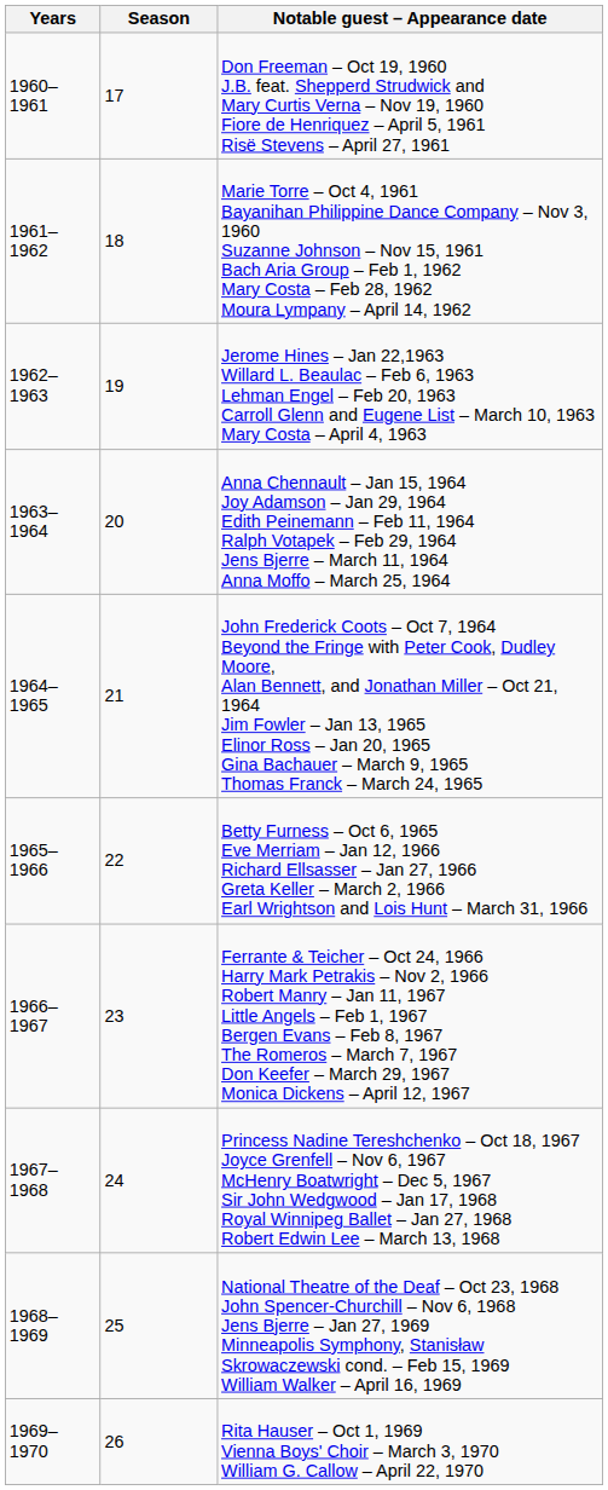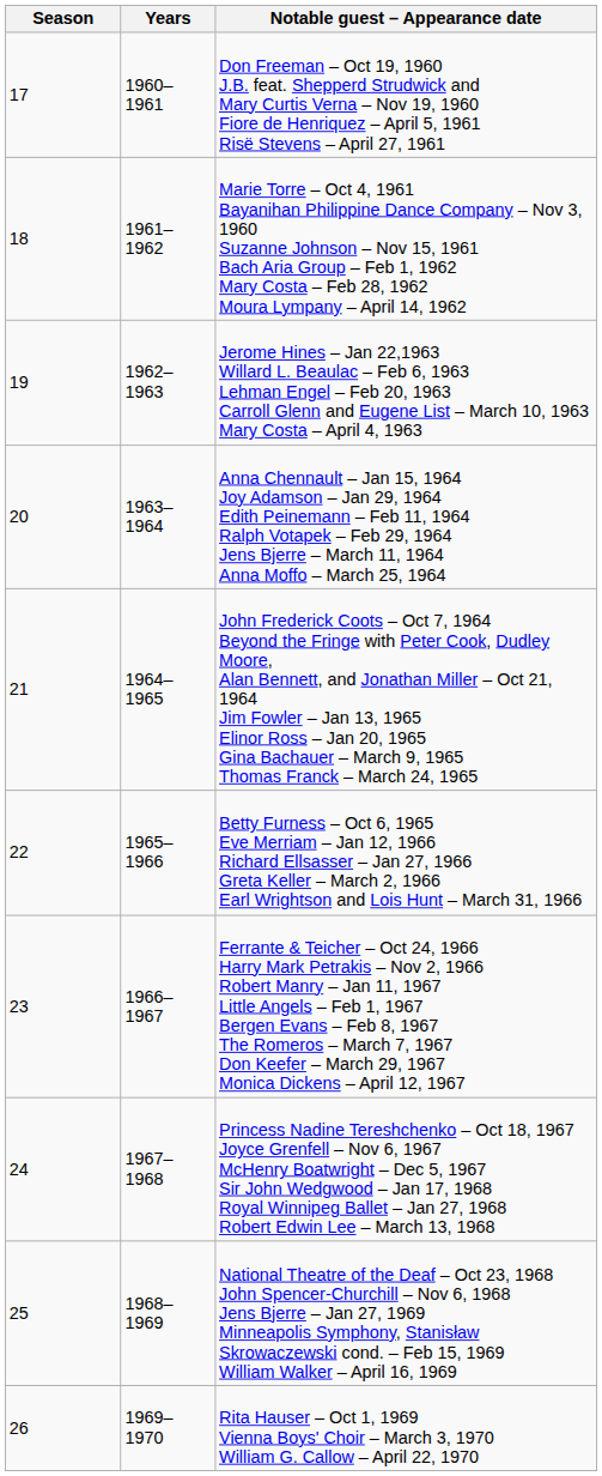 <table class="wikitable collapsible" width="550">
 <tr>
+<th scope="col" width="100px">Season</th>
 <th scope="col" width="80px">Years</th>
-<th scope="col" width="100px">Season</th>
 <th>Notable guest – Appearance date</th>
 </tr>
 <tr>
+<td>17</td>
 <td>1960–1961</td>
-<td>17</td>
 <td><br><a href='#'>Don Freeman</a> – Oct 19, 1960<br> <a href='#'>J.B.</a> feat. <a href='#'>Shepperd Strudwick</a> and<br> <a href='#'>Mary Curtis Verna</a> – Nov 19, 1960<br> <a href='#'>Fiore de Henriquez</a> – April 5, 1961<br> <a href='#'>Risë Stevens</a> – April 27, 1961</td>
 </tr>
 <tr>
+<td>18</td>
 <td>1961–1962</td>
-<td>18</td>
 <td><br><a href='#'>Marie Torre</a> – Oct 4, 1961<br> <a href='#'>Bayanihan Philippine Dance Company</a> – Nov 3, 1960<br> <a href='#'>Suzanne Johnson</a> – Nov 15, 1961<br> <a href='#'>Bach Aria Group</a> – Feb 1, 1962<br> <a href='#'>Mary Costa</a> – Feb 28, 1962<br> <a href='#'>Moura Lympany</a> – April 14, 1962</td>
 </tr>
 <tr>
+<td>19</td>
 <td>1962–1963</td>
-<td>19</td>
 <td><br><a href='#'>Jerome Hines</a> – Jan 22,1963<br> <a href='#'>Willard L. Beaulac</a> – Feb 6, 1963<br> <a href='#'>Lehman Engel</a> – Feb 20, 1963<br> <a href='#'>Carroll Glenn</a> and <a href='#'>Eugene List</a> – March 10, 1963<br> <a href='#'>Mary Costa</a> – April 4, 1963</td>
 </tr>
 <tr>
+<td>20</td>
 <td>1963–1964</td>
-<td>20</td>
 <td><br><a href='#'>Anna Chennault</a> – Jan 15, 1964<br> <a href='#'>Joy Adamson</a> – Jan 29, 1964<br> <a href='#'>Edith Peinemann</a> – Feb 11, 1964<br> <a href='#'>Ralph Votapek</a> – Feb 29, 1964<br> <a href='#'>Jens Bjerre</a> – March 11, 1964<br> <a href='#'>Anna Moffo</a> – March 25, 1964</td>
 </tr>
 <tr>
+<td>21</td>
 <td>1964–1965</td>
-<td>21</td>
 <td><br><a href='#'>John Frederick Coots</a> – Oct 7, 1964<br> <a href='#'>Beyond the Fringe</a> with <a href='#'>Peter Cook</a>, <a href='#'>Dudley Moore</a>,<br> <a href='#'>Alan Bennett</a>, and <a href='#'>Jonathan Miller</a> – Oct 21, 1964<br> <a href='#'>Jim Fowler</a> – Jan 13, 1965<br> <a href='#'>Elinor Ross</a> – Jan 20, 1965<br> <a href='#'>Gina Bachauer</a> – March 9, 1965<br> <a href='#'>Thomas Franck</a> – March 24, 1965</td>
 </tr>
 <tr>
+<td>22</td>
 <td>1965–1966</td>
-<td>22</td>
 <td><br><a href='#'>Betty Furness</a> – Oct 6, 1965<br> <a href='#'>Eve Merriam</a> – Jan 12, 1966<br> <a href='#'>Richard Ellsasser</a> – Jan 27, 1966<br> <a href='#'>Greta Keller</a> – March 2, 1966<br> <a href='#'>Earl Wrightson</a> and <a href='#'>Lois Hunt</a> – March 31, 1966</td>
 </tr>
 <tr>
+<td>23</td>
 <td>1966–1967</td>
-<td>23</td>
 <td><br><a href='#'>Ferrante & Teicher</a> – Oct 24, 1966<br> <a href='#'>Harry Mark Petrakis</a> – Nov 2, 1966<br> <a href='#'>Robert Manry</a> – Jan 11, 1967<br> <a href='#'>Little Angels</a> – Feb 1, 1967<br> <a href='#'>Bergen Evans</a> – Feb 8, 1967<br> <a href='#'>The Romeros</a> – March 7, 1967<br> <a href='#'>Don Keefer</a> – March 29, 1967<br> <a href='#'>Monica Dickens</a> – April 12, 1967</td>
 </tr>
 <tr>
+<td>24</td>
 <td>1967–1968</td>
-<td>24</td>
 <td><br><a href='#'>Princess Nadine Tereshchenko</a> – Oct 18, 1967<br> <a href='#'>Joyce Grenfell</a> – Nov 6, 1967<br> <a href='#'>McHenry Boatwright</a> – Dec 5, 1967<br> <a href='#'>Sir John Wedgwood</a> – Jan 17, 1968<br> <a href='#'>Royal Winnipeg Ballet</a> – Jan 27, 1968<br> <a href='#'>Robert Edwin Lee</a> – March 13, 1968</td>
 </tr>
 <tr>
+<td>25</td>
 <td>1968–1969</td>
-<td>25</td>
 <td><br><a href='#'>National Theatre of the Deaf</a> – Oct 23, 1968<br> <a href='#'>John Spencer-Churchill</a> – Nov 6, 1968<br> <a href='#'>Jens Bjerre</a> – Jan 27, 1969<br> <a href='#'>Minneapolis Symphony</a>, <a href='#'>Stanisław Skrowaczewski</a> cond. – Feb 15, 1969<br> <a href='#'>William Walker</a> – April 16, 1969</td>
 </tr>
 <tr>
+<td>26</td>
 <td>1969–1970</td>
-<td>26</td>
 <td><br><a href='#'>Rita Hauser</a> – Oct 1, 1969<br> <a href='#'>Vienna Boys' Choir</a> – March 3, 1970<br> <a href='#'>William G. Callow</a> – April 22, 1970</td>
 </tr>
 </table>
